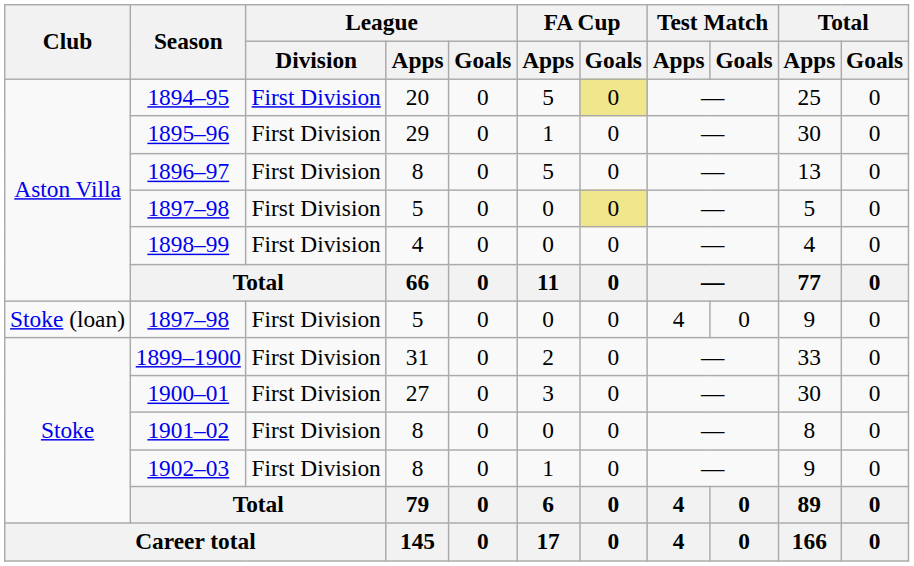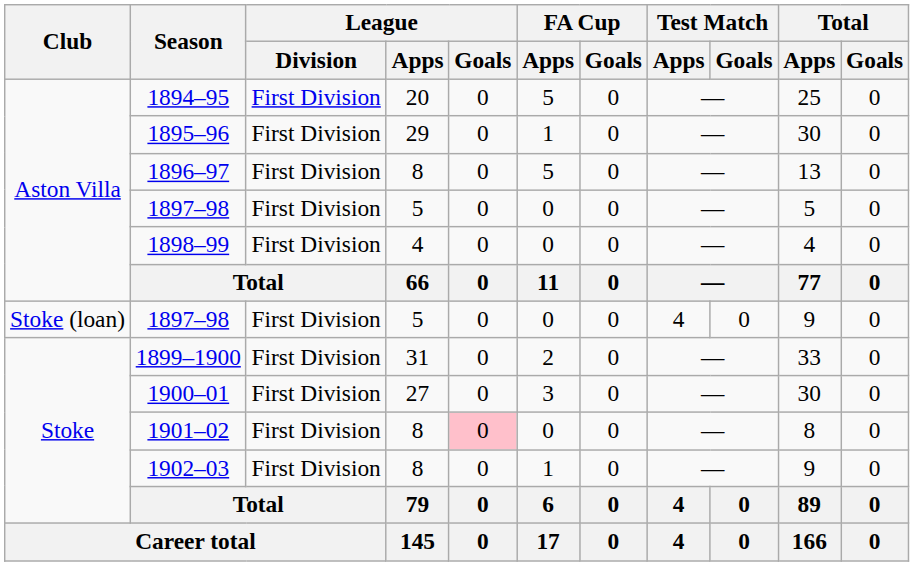 <table class="wikitable" style="text-align: center;">
 <tr>
 <th rowspan="2">Club</th>
 <th rowspan="2">Season</th>
 <th colspan="3">League</th>
 <th colspan="2">FA Cup</th>
 <th colspan="2">Test Match</th>
 <th colspan="2">Total</th>
 </tr>
 <tr>
 <th>Division</th>
 <th>Apps</th>
 <th>Goals</th>
 <th>Apps</th>
 <th>Goals</th>
 <th>Apps</th>
 <th>Goals</th>
 <th>Apps</th>
 <th>Goals</th>
 </tr>
 <tr>
 <td rowspan="6"><a href='#'>Aston Villa</a></td>
 <td><a href='#'>1894–95</a></td>
 <td><a href='#'>First Division</a></td>
 <td>20</td>
 <td>0</td>
 <td>5</td>
-<td style="background: khaki;">0</td>
+<td>0</td>
 <td colspan="2">—</td>
 <td>25</td>
 <td>0</td>
 </tr>
 <tr>
 <td><a href='#'>1895–96</a></td>
 <td>First Division</td>
 <td>29</td>
 <td>0</td>
 <td>1</td>
 <td>0</td>
 <td colspan="2">—</td>
 <td>30</td>
 <td>0</td>
 </tr>
 <tr>
 <td><a href='#'>1896–97</a></td>
 <td>First Division</td>
 <td>8</td>
 <td>0</td>
 <td>5</td>
 <td>0</td>
 <td colspan="2">—</td>
 <td>13</td>
 <td>0</td>
 </tr>
 <tr>
 <td><a href='#'>1897–98</a></td>
 <td>First Division</td>
 <td>5</td>
 <td>0</td>
 <td>0</td>
-<td style="background: khaki;">0</td>
+<td>0</td>
 <td colspan="2">—</td>
 <td>5</td>
 <td>0</td>
 </tr>
 <tr>
 <td><a href='#'>1898–99</a></td>
 <td>First Division</td>
 <td>4</td>
 <td>0</td>
 <td>0</td>
 <td>0</td>
 <td colspan="2">—</td>
 <td>4</td>
 <td>0</td>
 </tr>
 <tr>
 <th colspan=2>Total</th>
 <th>66</th>
 <th>0</th>
 <th>11</th>
 <th>0</th>
 <th colspan="2">—</th>
 <th>77</th>
 <th>0</th>
 </tr>
 <tr>
 <td><a href='#'>Stoke</a> (loan)</td>
 <td><a href='#'>1897–98</a></td>
 <td>First Division</td>
 <td>5</td>
 <td>0</td>
 <td>0</td>
 <td>0</td>
 <td>4</td>
 <td>0</td>
 <td>9</td>
 <td>0</td>
 </tr>
 <tr>
 <td rowspan=5><a href='#'>Stoke</a></td>
 <td><a href='#'>1899–1900</a></td>
 <td>First Division</td>
 <td>31</td>
 <td>0</td>
 <td>2</td>
 <td>0</td>
 <td colspan="2">—</td>
 <td>33</td>
 <td>0</td>
 </tr>
 <tr>
 <td><a href='#'>1900–01</a></td>
 <td>First Division</td>
 <td>27</td>
 <td>0</td>
 <td>3</td>
 <td>0</td>
 <td colspan="2">—</td>
 <td>30</td>
 <td>0</td>
 </tr>
 <tr>
 <td><a href='#'>1901–02</a></td>
 <td>First Division</td>
 <td>8</td>
-<td>0</td>
+<td style="background: pink;">0</td>
 <td>0</td>
 <td>0</td>
 <td colspan="2">—</td>
 <td>8</td>
 <td>0</td>
 </tr>
 <tr>
 <td><a href='#'>1902–03</a></td>
 <td>First Division</td>
 <td>8</td>
 <td>0</td>
 <td>1</td>
 <td>0</td>
 <td colspan="2">—</td>
 <td>9</td>
 <td>0</td>
 </tr>
 <tr>
 <th colspan=2>Total</th>
 <th>79</th>
 <th>0</th>
 <th>6</th>
 <th>0</th>
 <th>4</th>
 <th>0</th>
 <th>89</th>
 <th>0</th>
 </tr>
 <tr>
 <th colspan=3>Career total</th>
 <th>145</th>
 <th>0</th>
 <th>17</th>
 <th>0</th>
 <th>4</th>
 <th>0</th>
 <th>166</th>
 <th>0</th>
 </tr>
 </table>
